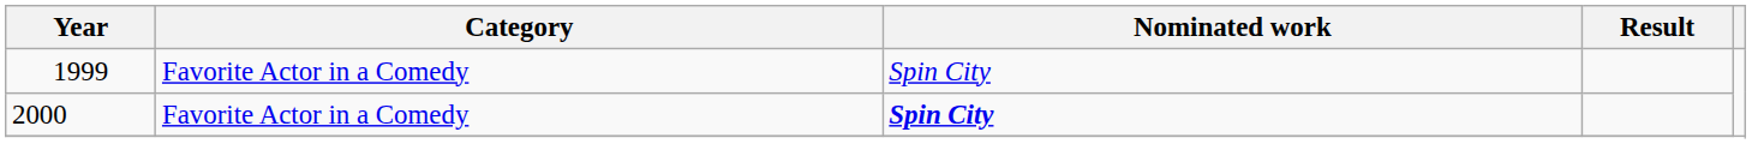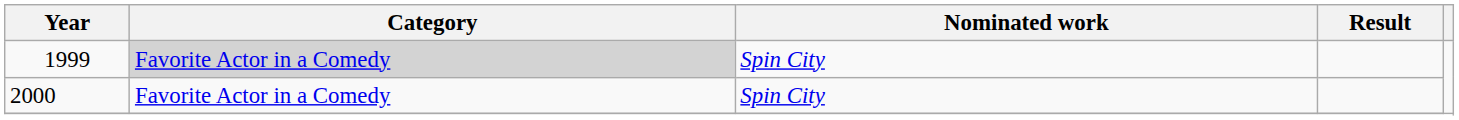 <table class=wikitable>
 <tr>
 <th scope="col" style="width:5em;">Year</th>
 <th scope="col" style="width:26em;">Category</th>
 <th scope="col" style="width:25em;">Nominated work</th>
 <th scope="col" style="width:5em;">Result</th>
 <th></th>
 </tr>
 <tr>
 <td style="text-align:center;">1999</td>
-<td><a href='#'>Favorite Actor in a Comedy</a></td>
+<td style="background: lightgrey;"><a href='#'>Favorite Actor in a Comedy</a></td>
 <td><em><a href='#'>Spin City</a></em></td>
 <td></td>
 </tr>
 <tr>
 <td>2000</td>
 <td><a href='#'>Favorite Actor in a Comedy</a></td>
-<td><strong><em><a href='#'>Spin City</a></em></strong></td>
+<td><em><a href='#'>Spin City</a></em></td>
 <td></td>
 </tr>
 <tr>
 </tr>
 </table>
